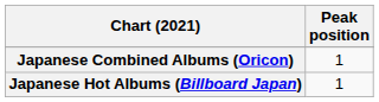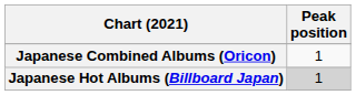 <table class="wikitable sortable plainrowheaders" style="text-align:center">
 <tr>
 <th scope="col">Chart (2021)</th>
 <th scope="col">Peak<br>position</th>
 </tr>
 <tr>
 </tr>
 <tr>
 <th scope="row">Japanese Combined Albums (<a href='#'>Oricon</a>)</th>
 <td>1</td>
 </tr>
 <tr>
 <th scope="row">Japanese Hot Albums (<em><a href='#'>Billboard Japan</a></em>)</th>
-<td>1</td>
+<td style="background: lightgrey;">1</td>
 </tr>
 </table>
